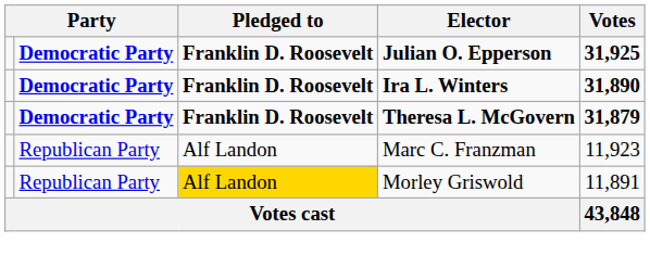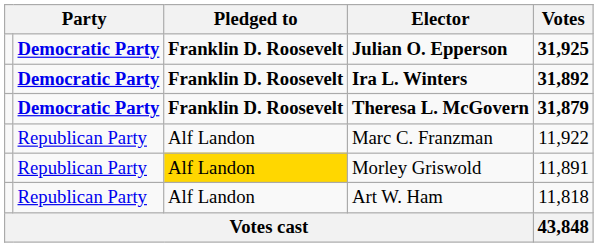 <table class="wikitable">
 <tr>
 <th colspan=2>Party</th>
 <th>Pledged to</th>
 <th>Elector</th>
 <th>Votes</th>
 </tr>
 <tr style="font-weight:bold">
 <td></td>
 <td><a href='#'>Democratic Party</a></td>
 <td>Franklin D. Roosevelt</td>
 <td>Julian O. Epperson</td>
 <td align="right">31,925</td>
 </tr>
 <tr style="font-weight:bold">
 <td></td>
 <td><a href='#'>Democratic Party</a></td>
 <td>Franklin D. Roosevelt</td>
 <td>Ira L. Winters</td>
-<td align="right">31,890</td>
+<td align="right">31,892</td>
 </tr>
 <tr style="font-weight:bold">
 <td></td>
 <td><a href='#'>Democratic Party</a></td>
 <td>Franklin D. Roosevelt</td>
 <td>Theresa L. McGovern</td>
 <td align="right">31,879</td>
 </tr>
 <tr>
 <td></td>
 <td><a href='#'>Republican Party</a></td>
 <td>Alf Landon</td>
 <td>Marc C. Franzman</td>
-<td align="right">11,923</td>
+<td align="right">11,922</td>
 </tr>
 <tr>
 <td></td>
 <td><a href='#'>Republican Party</a></td>
 <td style="background: gold;">Alf Landon</td>
 <td>Morley Griswold</td>
 <td align="right">11,891</td>
 </tr>
 <tr>
+<td></td>
+<td><a href='#'>Republican Party</a></td>
+<td>Alf Landon</td>
+<td>Art W. Ham</td>
+<td align="right">11,818</td>
+</tr>
+<tr>
 <th colspan="4">Votes cast</th>
 <th>43,848</th>
 </tr>
 </table>
